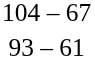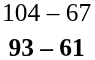 <table style="text-align:center;">
 <tr>
 <th width=200></th>
 <th width=100></th>
 <th width=200></th>
 <th></th>
 </tr>
 <tr>
 <td align=right><strong></strong></td>
 <td>104 – 67</td>
 <td align=left></td>
 </tr>
 <tr>
 <td align=right><strong></strong></td>
-<td>93 – 61</td>
+<td><strong>93 – 61</strong></td>
 <td align=left></td>
 </tr>
 </table>
